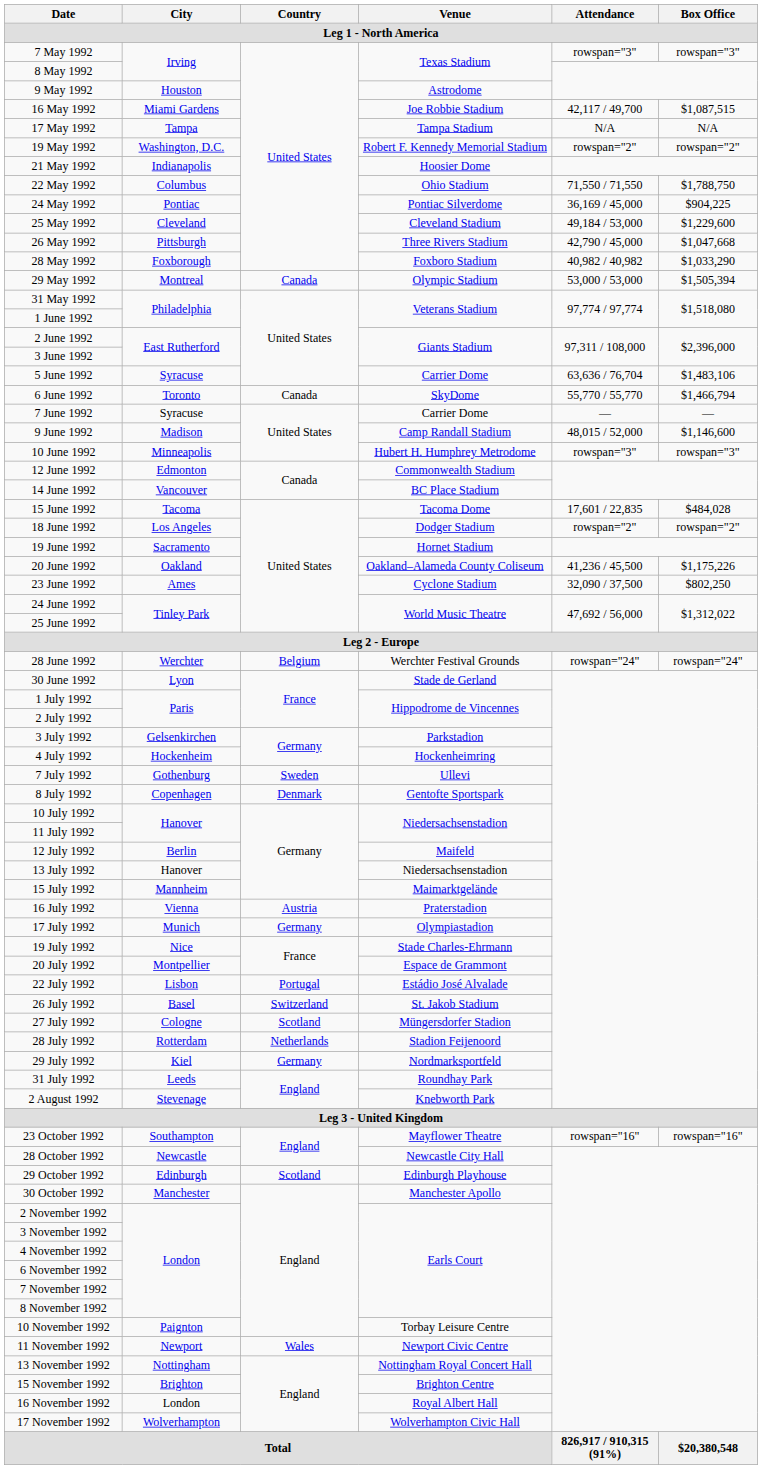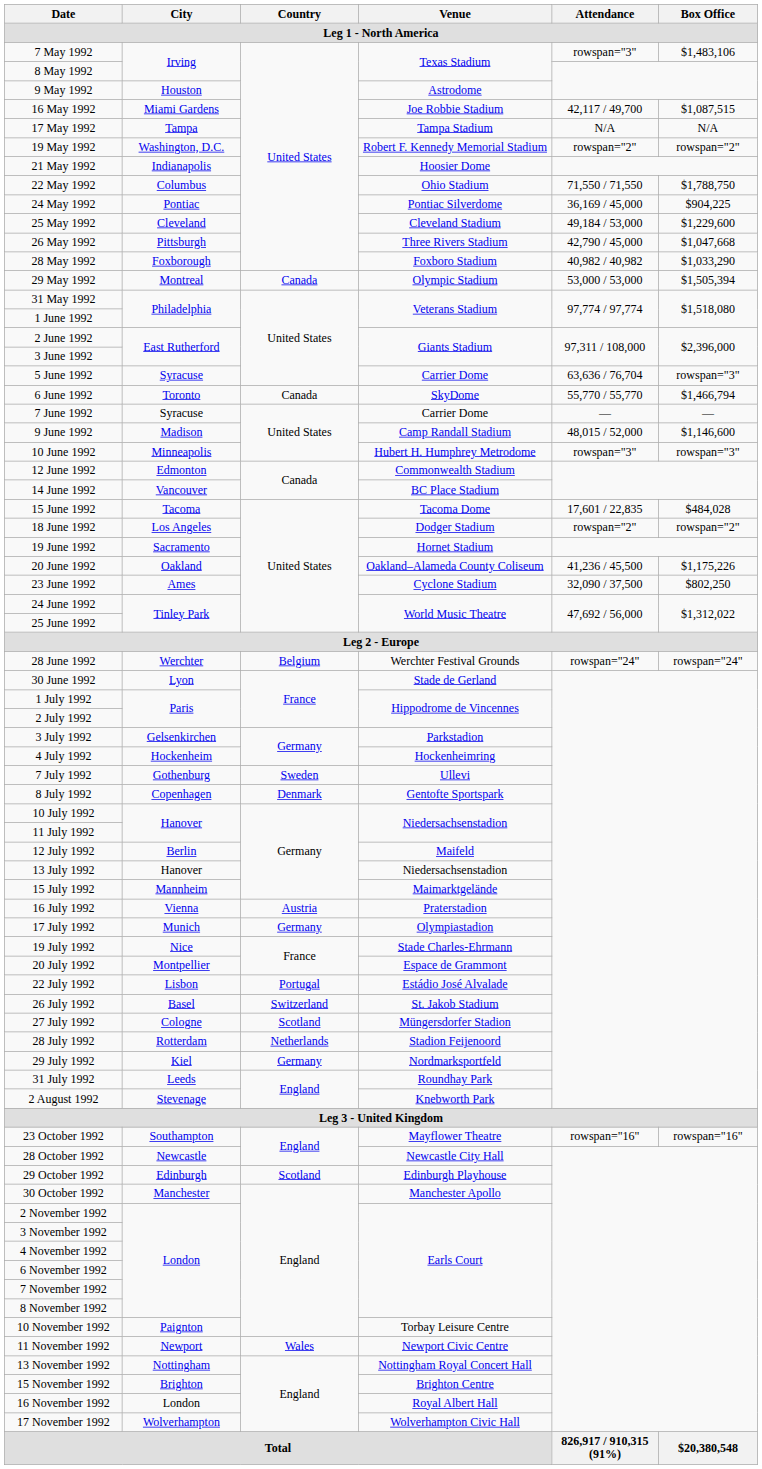 <table class="wikitable" style="text-align:center;">
 <tr>
 <th width="150">Date</th>
 <th width="150">City</th>
 <th width="150">Country</th>
 <th width="250">Venue</th>
 <th width="135">Attendance</th>
 <th width="125">Box Office</th>
 </tr>
 <tr>
 <th colspan="6" style="background:#DFDFDF;">Leg 1 - North America</th>
 </tr>
 <tr>
 <td>7 May 1992</td>
 <td rowspan="2"><a href='#'>Irving</a></td>
 <td rowspan="12"><a href='#'>United States</a></td>
 <td rowspan="2"><a href='#'>Texas Stadium</a></td>
 <td>rowspan="3" </td>
-<td>rowspan="3" </td>
+<td>$1,483,106</td>
 </tr>
 <tr>
 <td>8 May 1992</td>
 </tr>
 <tr>
 <td>9 May 1992</td>
 <td><a href='#'>Houston</a></td>
 <td><a href='#'>Astrodome</a></td>
 </tr>
 <tr>
 <td>16 May 1992</td>
 <td><a href='#'>Miami Gardens</a></td>
 <td><a href='#'>Joe Robbie Stadium</a></td>
 <td>42,117 / 49,700</td>
 <td>$1,087,515</td>
 </tr>
 <tr>
 <td>17 May 1992</td>
 <td><a href='#'>Tampa</a></td>
 <td><a href='#'>Tampa Stadium</a></td>
 <td>N/A </td>
 <td>N/A </td>
 </tr>
 <tr>
 <td>19 May 1992</td>
 <td><a href='#'>Washington, D.C.</a></td>
 <td><a href='#'>Robert F. Kennedy Memorial Stadium</a></td>
 <td>rowspan="2" </td>
 <td>rowspan="2" </td>
 </tr>
 <tr>
 <td>21 May 1992</td>
 <td><a href='#'>Indianapolis</a></td>
 <td><a href='#'>Hoosier Dome</a></td>
 </tr>
 <tr>
 <td>22 May 1992</td>
 <td><a href='#'>Columbus</a></td>
 <td><a href='#'>Ohio Stadium</a></td>
 <td>71,550 / 71,550</td>
 <td>$1,788,750</td>
 </tr>
 <tr>
 <td>24 May 1992</td>
 <td><a href='#'>Pontiac</a></td>
 <td><a href='#'>Pontiac Silverdome</a></td>
 <td>36,169 / 45,000</td>
 <td>$904,225</td>
 </tr>
 <tr>
 <td>25 May 1992</td>
 <td><a href='#'>Cleveland</a></td>
 <td><a href='#'>Cleveland Stadium</a></td>
 <td>49,184 / 53,000</td>
 <td>$1,229,600</td>
 </tr>
 <tr>
 <td>26 May 1992</td>
 <td><a href='#'>Pittsburgh</a></td>
 <td><a href='#'>Three Rivers Stadium</a></td>
 <td>42,790 / 45,000</td>
 <td>$1,047,668</td>
 </tr>
 <tr>
 <td>28 May 1992</td>
 <td><a href='#'>Foxborough</a></td>
 <td><a href='#'>Foxboro Stadium</a></td>
 <td>40,982 / 40,982</td>
 <td>$1,033,290</td>
 </tr>
 <tr>
 <td>29 May 1992</td>
 <td><a href='#'>Montreal</a></td>
 <td><a href='#'>Canada</a></td>
 <td><a href='#'>Olympic Stadium</a></td>
 <td>53,000 / 53,000</td>
 <td>$1,505,394</td>
 </tr>
 <tr>
 <td>31 May 1992</td>
 <td rowspan="2"><a href='#'>Philadelphia</a></td>
 <td rowspan="5">United States</td>
 <td rowspan="2"><a href='#'>Veterans Stadium</a></td>
 <td rowspan="2">97,774 / 97,774</td>
 <td rowspan="2">$1,518,080</td>
 </tr>
 <tr>
 <td>1 June 1992</td>
 </tr>
 <tr>
 <td>2 June 1992</td>
 <td rowspan="2"><a href='#'>East Rutherford</a></td>
 <td rowspan="2"><a href='#'>Giants Stadium</a></td>
 <td rowspan="2">97,311 / 108,000</td>
 <td rowspan="2">$2,396,000</td>
 </tr>
 <tr>
 <td>3 June 1992</td>
 </tr>
 <tr>
 <td>5 June 1992</td>
 <td><a href='#'>Syracuse</a></td>
 <td><a href='#'>Carrier Dome</a></td>
 <td>63,636 / 76,704</td>
-<td>$1,483,106</td>
+<td>rowspan="3" </td>
 </tr>
 <tr>
 <td>6 June 1992</td>
 <td><a href='#'>Toronto</a></td>
 <td>Canada</td>
 <td><a href='#'>SkyDome</a></td>
 <td>55,770 / 55,770</td>
 <td>$1,466,794</td>
 </tr>
 <tr>
 <td>7 June 1992</td>
 <td>Syracuse</td>
 <td rowspan="3">United States</td>
 <td>Carrier Dome</td>
 <td>—</td>
 <td>—</td>
 </tr>
 <tr>
 <td>9 June 1992</td>
 <td><a href='#'>Madison</a></td>
 <td><a href='#'>Camp Randall Stadium</a></td>
 <td>48,015 / 52,000</td>
 <td>$1,146,600</td>
 </tr>
 <tr>
 <td>10 June 1992</td>
 <td><a href='#'>Minneapolis</a></td>
 <td><a href='#'>Hubert H. Humphrey Metrodome</a></td>
 <td>rowspan="3" </td>
 <td>rowspan="3" </td>
 </tr>
 <tr>
 <td>12 June 1992</td>
 <td><a href='#'>Edmonton</a></td>
 <td rowspan="2">Canada</td>
 <td><a href='#'>Commonwealth Stadium</a></td>
 </tr>
 <tr>
 <td>14 June 1992</td>
 <td><a href='#'>Vancouver</a></td>
 <td><a href='#'>BC Place Stadium</a></td>
 </tr>
 <tr>
 <td>15 June 1992</td>
 <td><a href='#'>Tacoma</a></td>
 <td rowspan="7">United States</td>
 <td><a href='#'>Tacoma Dome</a></td>
 <td>17,601 / 22,835</td>
 <td>$484,028</td>
 </tr>
 <tr>
 <td>18 June 1992</td>
 <td><a href='#'>Los Angeles</a></td>
 <td><a href='#'>Dodger Stadium</a></td>
 <td>rowspan="2" </td>
 <td>rowspan="2" </td>
 </tr>
 <tr>
 <td>19 June 1992</td>
 <td><a href='#'>Sacramento</a></td>
 <td><a href='#'>Hornet Stadium</a></td>
 </tr>
 <tr>
 <td>20 June 1992</td>
 <td><a href='#'>Oakland</a></td>
 <td><a href='#'>Oakland–Alameda County Coliseum</a></td>
 <td>41,236 / 45,500</td>
 <td>$1,175,226</td>
 </tr>
 <tr>
 <td>23 June 1992</td>
 <td><a href='#'>Ames</a></td>
 <td><a href='#'>Cyclone Stadium</a></td>
 <td>32,090 / 37,500</td>
 <td>$802,250</td>
 </tr>
 <tr>
 <td>24 June 1992</td>
 <td rowspan="2"><a href='#'>Tinley Park</a></td>
 <td rowspan="2"><a href='#'>World Music Theatre</a></td>
 <td rowspan="2">47,692 / 56,000</td>
 <td rowspan="2">$1,312,022</td>
 </tr>
 <tr>
 <td>25 June 1992</td>
 </tr>
 <tr>
 <th colspan="6" style="background:#DFDFDF;">Leg 2 - Europe</th>
 </tr>
 <tr>
 <td>28 June 1992</td>
 <td><a href='#'>Werchter</a></td>
 <td><a href='#'>Belgium</a></td>
 <td>Werchter Festival Grounds</td>
 <td>rowspan="24" </td>
 <td>rowspan="24" </td>
 </tr>
 <tr>
 <td>30 June 1992</td>
 <td><a href='#'>Lyon</a></td>
 <td rowspan="3"><a href='#'>France</a></td>
 <td><a href='#'>Stade de Gerland</a></td>
 </tr>
 <tr>
 <td>1 July 1992</td>
 <td rowspan="2"><a href='#'>Paris</a></td>
 <td rowspan="2"><a href='#'>Hippodrome de Vincennes</a></td>
 </tr>
 <tr>
 <td>2 July 1992</td>
 </tr>
 <tr>
 <td>3 July 1992</td>
 <td><a href='#'>Gelsenkirchen</a></td>
 <td rowspan="2"><a href='#'>Germany</a></td>
 <td><a href='#'>Parkstadion</a></td>
 </tr>
 <tr>
 <td>4 July 1992</td>
 <td><a href='#'>Hockenheim</a></td>
 <td><a href='#'>Hockenheimring</a></td>
 </tr>
 <tr>
 <td>7 July 1992</td>
 <td><a href='#'>Gothenburg</a></td>
 <td><a href='#'>Sweden</a></td>
 <td><a href='#'>Ullevi</a></td>
 </tr>
 <tr>
 <td>8 July 1992</td>
 <td><a href='#'>Copenhagen</a></td>
 <td><a href='#'>Denmark</a></td>
 <td><a href='#'>Gentofte Sportspark</a></td>
 </tr>
 <tr>
 <td>10 July 1992</td>
 <td rowspan="2"><a href='#'>Hanover</a></td>
 <td rowspan="5">Germany</td>
 <td rowspan="2"><a href='#'>Niedersachsenstadion</a></td>
 </tr>
 <tr>
 <td>11 July 1992</td>
 </tr>
 <tr>
 <td>12 July 1992</td>
 <td><a href='#'>Berlin</a></td>
 <td><a href='#'>Maifeld</a></td>
 </tr>
 <tr>
 <td>13 July 1992</td>
 <td>Hanover</td>
 <td>Niedersachsenstadion</td>
 </tr>
 <tr>
 <td>15 July 1992</td>
 <td><a href='#'>Mannheim</a></td>
 <td><a href='#'>Maimarktgelände</a></td>
 </tr>
 <tr>
 <td>16 July 1992</td>
 <td><a href='#'>Vienna</a></td>
 <td><a href='#'>Austria</a></td>
 <td><a href='#'>Praterstadion</a></td>
 </tr>
 <tr>
 <td>17 July 1992</td>
 <td><a href='#'>Munich</a></td>
 <td><a href='#'>Germany</a></td>
 <td><a href='#'>Olympiastadion</a></td>
 </tr>
 <tr>
 <td>19 July 1992</td>
 <td><a href='#'>Nice</a></td>
 <td rowspan="2">France</td>
 <td><a href='#'>Stade Charles-Ehrmann</a></td>
 </tr>
 <tr>
 <td>20 July 1992</td>
 <td><a href='#'>Montpellier</a></td>
 <td><a href='#'>Espace de Grammont</a></td>
 </tr>
 <tr>
 <td>22 July 1992</td>
 <td><a href='#'>Lisbon</a></td>
 <td><a href='#'>Portugal</a></td>
 <td><a href='#'>Estádio José Alvalade</a></td>
 </tr>
 <tr>
 <td>26 July 1992</td>
 <td><a href='#'>Basel</a></td>
 <td><a href='#'>Switzerland</a></td>
 <td><a href='#'>St. Jakob Stadium</a></td>
 </tr>
 <tr>
 <td>27 July 1992</td>
 <td><a href='#'>Cologne</a></td>
 <td><a href='#'>Scotland</a></td>
 <td><a href='#'>Müngersdorfer Stadion</a></td>
 </tr>
 <tr>
 <td>28 July 1992</td>
 <td><a href='#'>Rotterdam</a></td>
 <td><a href='#'>Netherlands</a></td>
 <td><a href='#'>Stadion Feijenoord</a></td>
 </tr>
 <tr>
 <td>29 July 1992</td>
 <td><a href='#'>Kiel</a></td>
 <td><a href='#'>Germany</a></td>
 <td><a href='#'>Nordmarksportfeld</a></td>
 </tr>
 <tr>
 <td>31 July 1992</td>
 <td><a href='#'>Leeds</a></td>
 <td rowspan="2"><a href='#'>England</a></td>
 <td><a href='#'>Roundhay Park</a></td>
 </tr>
 <tr>
 <td>2 August 1992</td>
 <td><a href='#'>Stevenage</a></td>
 <td><a href='#'>Knebworth Park</a></td>
 </tr>
 <tr>
 <th colspan="6" style="background:#DFDFDF;">Leg 3 - United Kingdom</th>
 </tr>
 <tr>
 <td>23 October 1992</td>
 <td><a href='#'>Southampton</a></td>
 <td rowspan="2"><a href='#'>England</a></td>
 <td><a href='#'>Mayflower Theatre</a></td>
 <td>rowspan="16" </td>
 <td>rowspan="16" </td>
 </tr>
 <tr>
 <td>28 October 1992</td>
 <td><a href='#'>Newcastle</a></td>
 <td><a href='#'>Newcastle City Hall</a></td>
 </tr>
 <tr>
 <td>29 October 1992</td>
 <td><a href='#'>Edinburgh</a></td>
 <td><a href='#'>Scotland</a></td>
 <td><a href='#'>Edinburgh Playhouse</a></td>
 </tr>
 <tr>
 <td>30 October 1992</td>
 <td><a href='#'>Manchester</a></td>
 <td rowspan="8">England</td>
 <td><a href='#'>Manchester Apollo</a></td>
 </tr>
 <tr>
 <td>2 November 1992</td>
 <td rowspan="6"><a href='#'>London</a></td>
 <td rowspan="6"><a href='#'>Earls Court</a></td>
 </tr>
 <tr>
 <td>3 November 1992</td>
 </tr>
 <tr>
 <td>4 November 1992</td>
 </tr>
 <tr>
 <td>6 November 1992</td>
 </tr>
 <tr>
 <td>7 November 1992</td>
 </tr>
 <tr>
 <td>8 November 1992</td>
 </tr>
 <tr>
 <td>10 November 1992</td>
 <td><a href='#'>Paignton</a></td>
 <td>Torbay Leisure Centre</td>
 </tr>
 <tr>
 <td>11 November 1992</td>
 <td><a href='#'>Newport</a></td>
 <td><a href='#'>Wales</a></td>
 <td><a href='#'>Newport Civic Centre</a></td>
 </tr>
 <tr>
 <td>13 November 1992</td>
 <td><a href='#'>Nottingham</a></td>
 <td rowspan="4">England</td>
 <td><a href='#'>Nottingham Royal Concert Hall</a></td>
 </tr>
 <tr>
 <td>15 November 1992</td>
 <td><a href='#'>Brighton</a></td>
 <td><a href='#'>Brighton Centre</a></td>
 </tr>
 <tr>
 <td>16 November 1992</td>
 <td>London</td>
 <td><a href='#'>Royal Albert Hall</a></td>
 </tr>
 <tr>
 <td>17 November 1992</td>
 <td><a href='#'>Wolverhampton</a></td>
 <td><a href='#'>Wolverhampton Civic Hall</a></td>
 </tr>
 <tr>
 <th colspan="4" style="background:#DFDFDF;">Total</th>
 <th>826,917 / 910,315 (91%)</th>
 <th>$20,380,548 <br> </th>
 </tr>
 </table>
